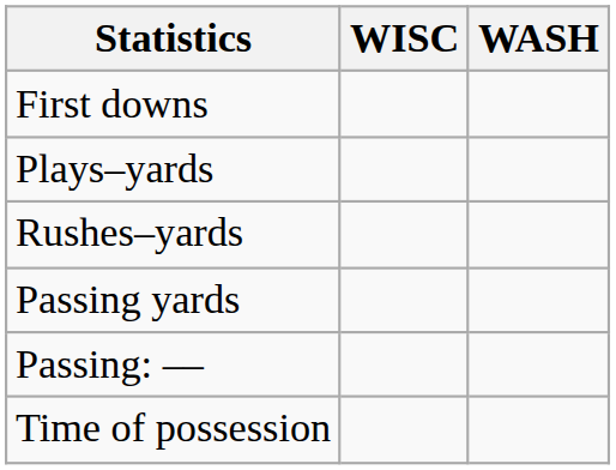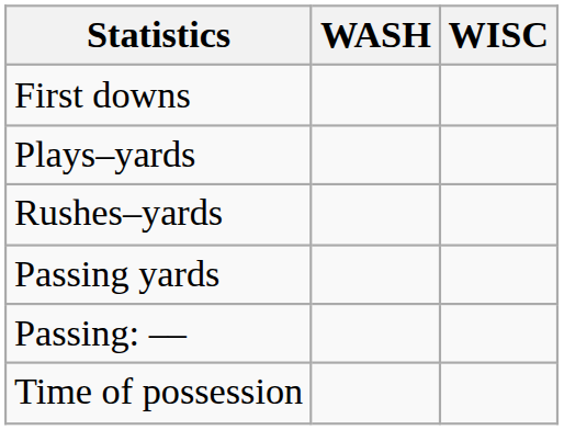 <table class="wikitable" style="float:left">
 <tr>
 <th>Statistics</th>
+<th>WASH</th>
 <th>WISC</th>
-<th>WASH</th>
 </tr>
 <tr>
 <td>First downs</td>
 <td></td>
 <td></td>
 </tr>
 <tr>
 <td>Plays–yards</td>
 <td></td>
 <td></td>
 </tr>
 <tr>
 <td>Rushes–yards</td>
 <td></td>
 <td></td>
 </tr>
 <tr>
 <td>Passing yards</td>
 <td></td>
 <td></td>
 </tr>
 <tr>
 <td>Passing: ––</td>
 <td></td>
 <td></td>
 </tr>
 <tr>
 <td>Time of possession</td>
 <td></td>
 <td></td>
 </tr>
 </table>
